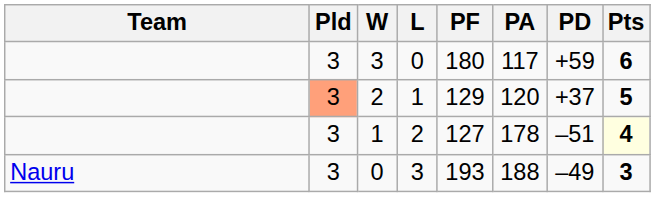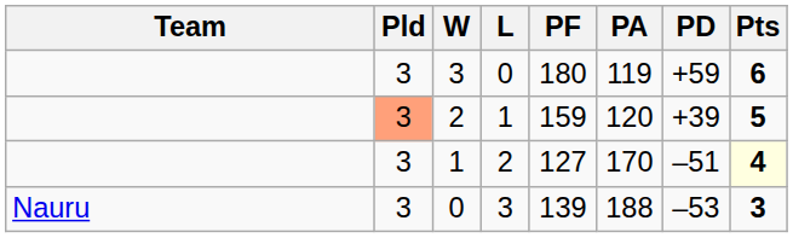 <table class="wikitable" style="text-align:center;">
 <tr>
 <th width=200>Team</th>
 <th width=20>Pld</th>
 <th width=20>W</th>
 <th width=20>L</th>
 <th width=30>PF</th>
 <th width=30>PA</th>
 <th width=30>PD</th>
 <th width=20>Pts</th>
 </tr>
 <tr>
 <td align=left></td>
 <td>3</td>
 <td>3</td>
 <td>0</td>
 <td>180</td>
-<td>117</td>
+<td>119</td>
 <td>+59</td>
 <td><strong>6</strong></td>
 </tr>
 <tr>
 <td align=left></td>
 <td style="background: lightsalmon;">3</td>
 <td>2</td>
 <td>1</td>
-<td>129</td>
+<td>159</td>
 <td>120</td>
-<td>+37</td>
+<td>+39</td>
 <td><strong>5</strong></td>
 </tr>
 <tr>
 <td align=left></td>
 <td>3</td>
 <td>1</td>
 <td>2</td>
 <td>127</td>
-<td>178</td>
+<td>170</td>
 <td>–51</td>
 <td style="background: lightyellow;"><strong>4</strong></td>
 </tr>
 <tr>
 <td align=left> <a href='#'>Nauru</a></td>
 <td>3</td>
 <td>0</td>
 <td>3</td>
-<td>193</td>
+<td>139</td>
 <td>188</td>
-<td>–49</td>
+<td>–53</td>
 <td><strong>3</strong></td>
 </tr>
 </table>
